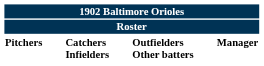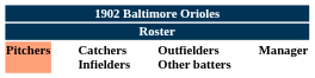 <table class="toccolours" style="font-size: 95%;">
 <tr>
 <th colspan="10" style="background-color: #035; color: white; text-align: center;">1902 Baltimore Orioles</th>
 </tr>
 <tr>
 <td colspan="10" style="background-color: #035; color: white; text-align: center;"><strong>Roster</strong></td>
 </tr>
 <tr>
-<td valign="top"><strong>Pitchers</strong><br>             </td>
+<td valign="top" style="background: lightsalmon;"><strong>Pitchers</strong><br>             </td>
 <td width="25px"></td>
 <td valign="top"><strong>Catchers</strong><br>    <strong>Infielders</strong>             </td>
 <td width="25px"></td>
 <td valign="top"><strong>Outfielders</strong><br>       <strong>Other batters</strong> </td>
 <td width="25px"></td>
 <td valign="top"><strong>Manager</strong><br> </td>
 </tr>
 </table>
